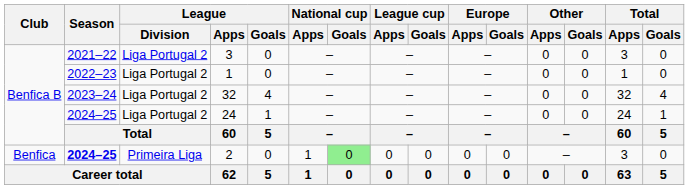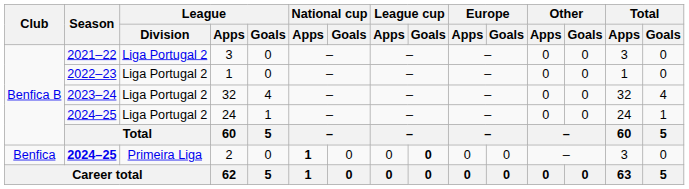 <table class="wikitable" style="text-align:center">
 <tr>
 <th rowspan="2">Club</th>
 <th rowspan="2">Season</th>
 <th colspan="3">League</th>
 <th colspan="2">National cup</th>
 <th colspan="2">League cup</th>
 <th colspan="2">Europe</th>
 <th colspan="2">Other</th>
 <th colspan="2">Total</th>
 </tr>
 <tr>
 <th>Division</th>
 <th>Apps</th>
 <th>Goals</th>
 <th>Apps</th>
 <th>Goals</th>
 <th>Apps</th>
 <th>Goals</th>
 <th>Apps</th>
 <th>Goals</th>
 <th>Apps</th>
 <th>Goals</th>
 <th>Apps</th>
 <th>Goals</th>
 </tr>
 <tr>
 <td rowspan="5"><a href='#'>Benfica B</a></td>
 <td><a href='#'>2021–22</a></td>
 <td><a href='#'>Liga Portugal 2</a></td>
 <td>3</td>
 <td>0</td>
 <td colspan="2">–</td>
 <td colspan="2">–</td>
 <td colspan="2">–</td>
 <td>0</td>
 <td>0</td>
 <td>3</td>
 <td>0</td>
 </tr>
 <tr>
 <td><a href='#'>2022–23</a></td>
 <td>Liga Portugal 2</td>
 <td>1</td>
 <td>0</td>
 <td colspan="2">–</td>
 <td colspan="2">–</td>
 <td colspan="2">–</td>
 <td>0</td>
 <td>0</td>
 <td>1</td>
 <td>0</td>
 </tr>
 <tr>
 <td><a href='#'>2023–24</a></td>
 <td>Liga Portugal 2</td>
 <td>32</td>
 <td>4</td>
 <td colspan="2">–</td>
 <td colspan="2">–</td>
 <td colspan="2">–</td>
 <td>0</td>
 <td>0</td>
 <td>32</td>
 <td>4</td>
 </tr>
 <tr>
 <td><a href='#'>2024–25</a></td>
 <td>Liga Portugal 2</td>
 <td>24</td>
 <td>1</td>
 <td colspan="2">–</td>
 <td colspan="2">–</td>
 <td colspan="2">–</td>
 <td>0</td>
 <td>0</td>
 <td>24</td>
 <td>1</td>
 </tr>
 <tr>
 <th colspan="2">Total</th>
 <th>60</th>
 <th>5</th>
 <th colspan="2">–</th>
 <th colspan="2">–</th>
 <th colspan="2">–</th>
 <th colspan="2">–</th>
 <th>60</th>
 <th>5</th>
 </tr>
 <tr>
 <td><a href='#'>Benfica</a></td>
 <td><strong><a href='#'>2024–25</a></strong></td>
 <td><a href='#'>Primeira Liga</a></td>
 <td>2</td>
 <td>0</td>
-<td>1</td>
-<td style="background: lightgreen;">0</td>
+<td><strong>1</strong></td>
 <td>0</td>
 <td>0</td>
+<td><strong>0</strong></td>
 <td>0</td>
 <td>0</td>
 <td colspan="2">–</td>
 <td>3</td>
 <td>0</td>
 </tr>
 <tr>
 <th colspan="3">Career total</th>
 <th>62</th>
 <th>5</th>
 <th>1</th>
 <th>0</th>
 <th>0</th>
 <th>0</th>
 <th>0</th>
 <th>0</th>
 <th>0</th>
 <th>0</th>
 <th>63</th>
 <th>5</th>
 </tr>
 </table>
